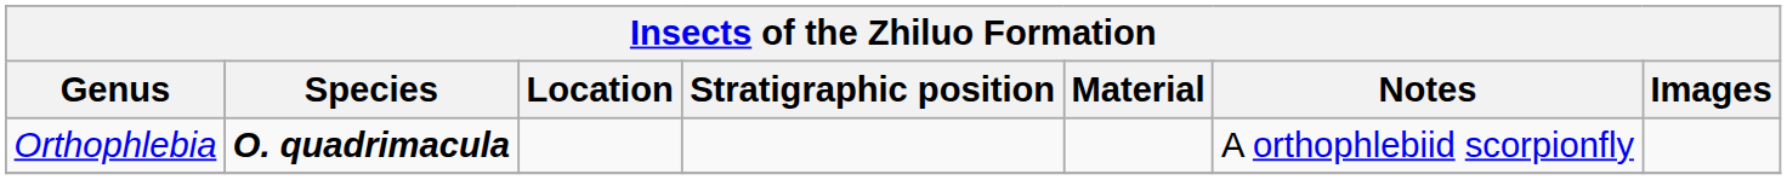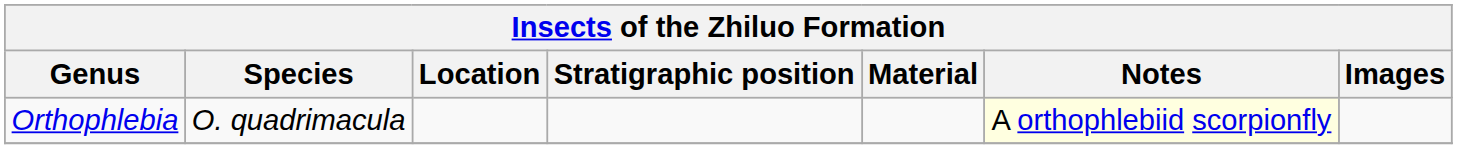 <table class="wikitable" align="center">
 <tr>
 <th colspan="7" align="center"><a href='#'>Insects</a> of the Zhiluo Formation</th>
 </tr>
 <tr>
 <th>Genus</th>
 <th>Species</th>
 <th>Location</th>
 <th>Stratigraphic position</th>
 <th>Material</th>
 <th>Notes</th>
 <th>Images</th>
 </tr>
 <tr>
 <td><em><a href='#'>Orthophlebia</a></em></td>
-<td><strong><em>O. quadrimacula </em></strong></td>
+<td><em>O. quadrimacula </em></td>
 <td></td>
 <td></td>
 <td></td>
-<td>A <a href='#'>orthophlebiid</a> <a href='#'>scorpionfly</a></td>
+<td style="background: lightyellow;">A <a href='#'>orthophlebiid</a> <a href='#'>scorpionfly</a></td>
 <td></td>
 </tr>
 <tr>
 </tr>
 </table>
